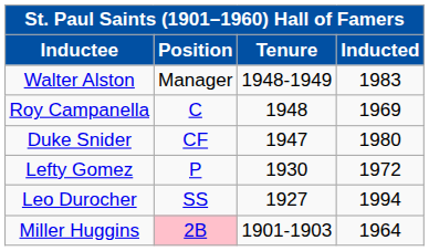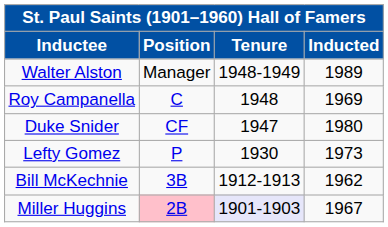 <table class="wikitable" style="text-align:center">
 <tr>
 <th colspan=4 style="background:#0150A3; color:white;">St. Paul Saints (1901–1960) Hall of Famers</th>
 </tr>
 <tr>
 <th style="background:#0150A3; color:white;">Inductee</th>
 <th style="background:#0150A3; color:white;">Position</th>
 <th style="background:#0150A3; color:white;">Tenure</th>
 <th style="background:#0150A3; color:white;">Inducted</th>
 </tr>
 <tr>
 <td><a href='#'>Walter Alston</a></td>
 <td>Manager</td>
 <td>1948-1949</td>
-<td>1983</td>
+<td>1989</td>
 </tr>
 <tr>
 <td><a href='#'>Roy Campanella</a></td>
 <td><a href='#'>C</a></td>
 <td>1948</td>
 <td>1969</td>
 </tr>
 <tr>
 <td><a href='#'>Duke Snider</a></td>
 <td><a href='#'>CF</a></td>
 <td>1947</td>
 <td>1980</td>
 </tr>
 <tr>
 <td><a href='#'>Lefty Gomez</a></td>
 <td><a href='#'>P</a></td>
 <td>1930</td>
-<td>1972</td>
+<td>1973</td>
 </tr>
 <tr>
-<td><a href='#'>Leo Durocher</a></td>
-<td><a href='#'>SS</a></td>
-<td>1927</td>
-<td>1994</td>
+<td><a href='#'>Bill McKechnie</a></td>
+<td><a href='#'>3B</a></td>
+<td>1912-1913</td>
+<td>1962</td>
 </tr>
 <tr>
 <td><a href='#'>Miller Huggins</a></td>
 <td style="background: pink;"><a href='#'>2B</a></td>
-<td>1901-1903</td>
-<td>1964</td>
+<td style="background: lavender;">1901-1903</td>
+<td>1967</td>
 </tr>
 </table>
